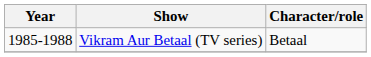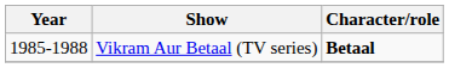 <table class="wikitable">
 <tr>
 <th>Year</th>
 <th>Show</th>
 <th>Character/role</th>
 </tr>
 <tr>
 <td>1985-1988</td>
 <td><a href='#'>Vikram Aur Betaal</a> (TV series)</td>
-<td>Betaal</td>
+<td><strong>Betaal</strong></td>
 </tr>
 <tr>
 </tr>
 </table>
